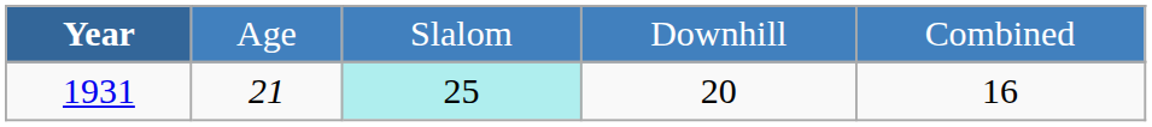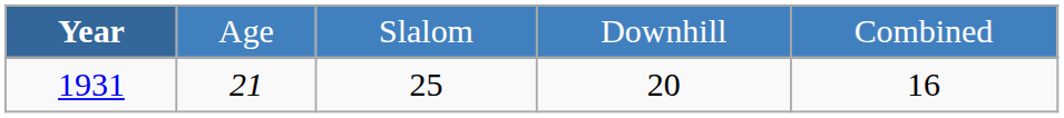 <table class="wikitable" style="font-size:100%; text-align:center; border:grey solid 1px; border-collapse:collapse;" width="40%">
 <tr style="background-color:#369; color:white;">
 <td rowspan="2" colspan="1" width="4%"><strong>Year</strong></td>
 </tr>
 <tr style="background-color:#4180be; color:white;">
 <td width="3%">Age</td>
 <td width="5%">Slalom</td>
 <td width="5%">Downhill</td>
 <td width="5%">Combined</td>
 </tr>
 <tr style="background-color:#8CB2D8; color:white;">
 </tr>
 <tr>
 <td><a href='#'>1931</a></td>
 <td><em>21</em></td>
-<td style="background: paleturquoise;">25</td>
+<td>25</td>
 <td>20</td>
 <td>16</td>
 </tr>
 </table>
